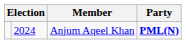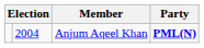 <table class="wikitable">
 <tr>
 <th colspan="2">Election</th>
 <th>Member</th>
 <th>Party</th>
 </tr>
 <tr>
 <td style="background-color: "></td>
-<td><a href='#'>2024</a></td>
+<td><a href='#'>2004</a></td>
 <td><a href='#'>Anjum Aqeel Khan</a></td>
 <td><strong><a href='#'>PML(N)</a></strong></td>
 </tr>
 </table>
